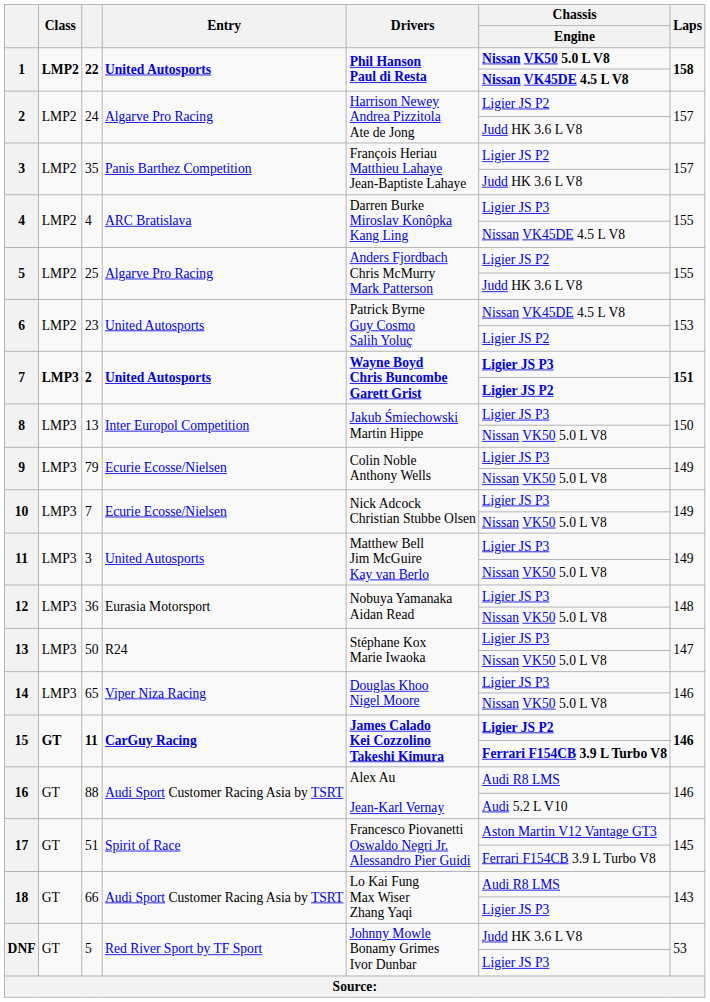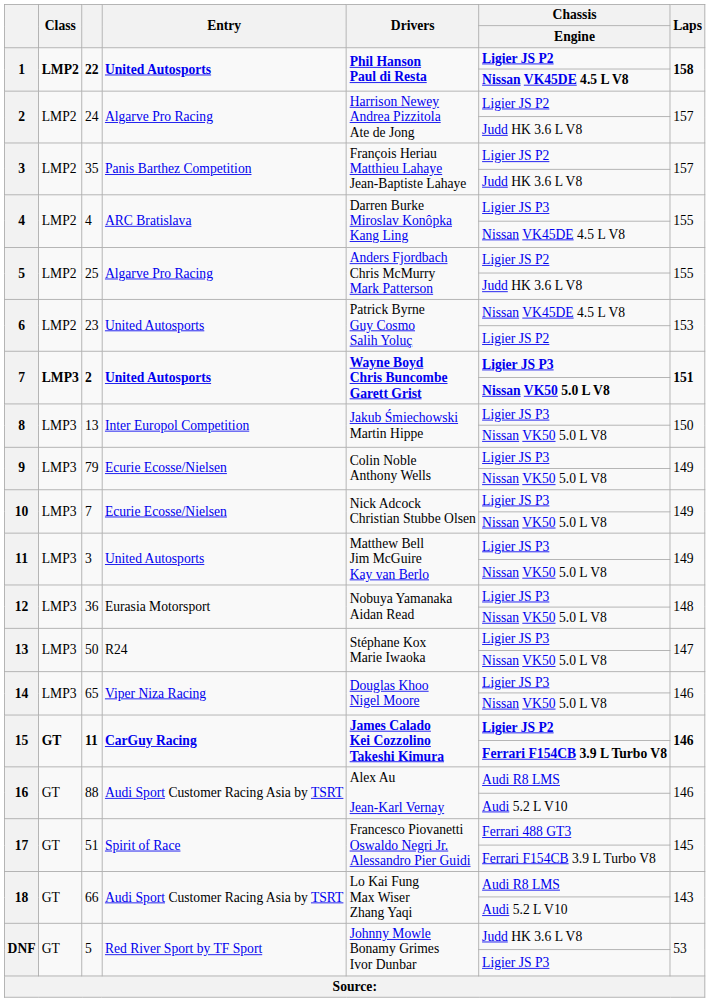 <table class="wikitable">
 <tr>
 <th rowspan="2"></th>
 <th rowspan="2">Class</th>
 <th rowspan="2"></th>
 <th rowspan="2">Entry</th>
 <th rowspan="2">Drivers</th>
 <th>Chassis</th>
 <th rowspan="2">Laps</th>
 </tr>
 <tr>
 <th>Engine</th>
 </tr>
 <tr>
 <th rowspan="2">1</th>
 <td rowspan="2"><strong>LMP2</strong></td>
 <td rowspan="2"><strong>22</strong></td>
 <td rowspan="2"><strong> <a href='#'>United Autosports</a></strong></td>
 <td rowspan="2"><strong> <a href='#'>Phil Hanson</a><br> <a href='#'>Paul di Resta</a></strong></td>
-<td><strong><a href='#'>Nissan</a> <a href='#'>VK50</a> 5.0 L V8</strong></td>
+<td><strong><a href='#'>Ligier JS P2</a></strong></td>
 <td rowspan="2"><strong>158</strong></td>
 </tr>
 <tr>
 <td><strong><a href='#'>Nissan</a> <a href='#'>VK45DE</a> 4.5 L V8</strong></td>
 </tr>
 <tr>
 <th rowspan="2">2</th>
 <td rowspan="2">LMP2</td>
 <td rowspan="2">24</td>
 <td rowspan="2"> <a href='#'>Algarve Pro Racing</a></td>
 <td rowspan="2"> <a href='#'>Harrison Newey</a><br> <a href='#'>Andrea Pizzitola</a><br> Ate de Jong</td>
 <td><a href='#'>Ligier JS P2</a></td>
 <td rowspan="2">157</td>
 </tr>
 <tr>
 <td><a href='#'>Judd</a> HK 3.6 L V8</td>
 </tr>
 <tr>
 <th rowspan="2">3</th>
 <td rowspan="2">LMP2</td>
 <td rowspan="2">35</td>
 <td rowspan="2"> <a href='#'>Panis Barthez Competition</a></td>
 <td rowspan="2"> François Heriau<br> <a href='#'>Matthieu Lahaye</a><br> Jean-Baptiste Lahaye</td>
 <td><a href='#'>Ligier JS P2</a></td>
 <td rowspan="2">157</td>
 </tr>
 <tr>
 <td><a href='#'>Judd</a> HK 3.6 L V8</td>
 </tr>
 <tr>
 <th rowspan="2">4</th>
 <td rowspan="2">LMP2</td>
 <td rowspan="2">4</td>
 <td rowspan="2"> <a href='#'>ARC Bratislava</a></td>
 <td rowspan="2"> Darren Burke<br> <a href='#'>Miroslav Konôpka</a><br> <a href='#'>Kang Ling</a></td>
 <td><a href='#'>Ligier JS P3</a></td>
 <td rowspan="2">155</td>
 </tr>
 <tr>
 <td><a href='#'>Nissan</a> <a href='#'>VK45DE</a> 4.5 L V8</td>
 </tr>
 <tr>
 <th rowspan="2">5</th>
 <td rowspan="2">LMP2</td>
 <td rowspan="2">25</td>
 <td rowspan="2"> <a href='#'>Algarve Pro Racing</a></td>
 <td rowspan="2"> <a href='#'>Anders Fjordbach</a><br> Chris McMurry<br> <a href='#'>Mark Patterson</a></td>
 <td><a href='#'>Ligier JS P2</a></td>
 <td rowspan="2">155</td>
 </tr>
 <tr>
 <td><a href='#'>Judd</a> HK 3.6 L V8</td>
 </tr>
 <tr>
 <th rowspan="2">6</th>
 <td rowspan="2">LMP2</td>
 <td rowspan="2">23</td>
 <td rowspan="2"> <a href='#'>United Autosports</a></td>
 <td rowspan="2"> Patrick Byrne<br> <a href='#'>Guy Cosmo</a><br> <a href='#'>Salih Yoluç</a></td>
 <td><a href='#'>Nissan</a> <a href='#'>VK45DE</a> 4.5 L V8</td>
 <td rowspan="2">153</td>
 </tr>
 <tr>
 <td><a href='#'>Ligier JS P2</a></td>
 </tr>
 <tr>
 <th rowspan="2">7</th>
 <td rowspan="2"><strong>LMP3</strong></td>
 <td rowspan="2"><strong>2</strong></td>
 <td rowspan="2"><strong> <a href='#'>United Autosports</a></strong></td>
 <td rowspan="2"><strong> <a href='#'>Wayne Boyd</a><br> <a href='#'>Chris Buncombe</a><br> <a href='#'>Garett Grist</a></strong></td>
 <td><strong><a href='#'>Ligier JS P3</a></strong></td>
 <td rowspan="2"><strong>151</strong></td>
 </tr>
 <tr>
-<td><strong><a href='#'>Ligier JS P2</a></strong></td>
+<td><strong><a href='#'>Nissan</a> <a href='#'>VK50</a> 5.0 L V8</strong></td>
 </tr>
 <tr>
 <th rowspan="2">8</th>
 <td rowspan="2">LMP3</td>
 <td rowspan="2">13</td>
 <td rowspan="2"> <a href='#'>Inter Europol Competition</a></td>
 <td rowspan="2"> <a href='#'>Jakub Śmiechowski</a><br> Martin Hippe</td>
 <td><a href='#'>Ligier JS P3</a></td>
 <td rowspan="2">150</td>
 </tr>
 <tr>
 <td><a href='#'>Nissan</a> <a href='#'>VK50</a> 5.0 L V8</td>
 </tr>
 <tr>
 <th rowspan="2">9</th>
 <td rowspan="2">LMP3</td>
 <td rowspan="2">79</td>
 <td rowspan="2"> <a href='#'>Ecurie Ecosse/Nielsen</a></td>
 <td rowspan="2"> Colin Noble<br> Anthony Wells</td>
 <td><a href='#'>Ligier JS P3</a></td>
 <td rowspan="2">149</td>
 </tr>
 <tr>
 <td><a href='#'>Nissan</a> <a href='#'>VK50</a> 5.0 L V8</td>
 </tr>
 <tr>
 <th rowspan="2">10</th>
 <td rowspan="2">LMP3</td>
 <td rowspan="2">7</td>
 <td rowspan="2"> <a href='#'>Ecurie Ecosse/Nielsen</a></td>
 <td rowspan="2"> Nick Adcock<br> Christian Stubbe Olsen</td>
 <td><a href='#'>Ligier JS P3</a></td>
 <td rowspan="2">149</td>
 </tr>
 <tr>
 <td><a href='#'>Nissan</a> <a href='#'>VK50</a> 5.0 L V8</td>
 </tr>
 <tr>
 <th rowspan="2">11</th>
 <td rowspan="2">LMP3</td>
 <td rowspan="2">3</td>
 <td rowspan="2"> <a href='#'>United Autosports</a></td>
 <td rowspan="2"> Matthew Bell<br> Jim McGuire<br> <a href='#'>Kay van Berlo</a></td>
 <td><a href='#'>Ligier JS P3</a></td>
 <td rowspan="2">149</td>
 </tr>
 <tr>
 <td><a href='#'>Nissan</a> <a href='#'>VK50</a> 5.0 L V8</td>
 </tr>
 <tr>
 <th rowspan="2">12</th>
 <td rowspan="2">LMP3</td>
 <td rowspan="2">36</td>
 <td rowspan="2"> Eurasia Motorsport</td>
 <td rowspan="2"> Nobuya Yamanaka<br> Aidan Read</td>
 <td><a href='#'>Ligier JS P3</a></td>
 <td rowspan="2">148</td>
 </tr>
 <tr>
 <td><a href='#'>Nissan</a> <a href='#'>VK50</a> 5.0 L V8</td>
 </tr>
 <tr>
 <th rowspan="2">13</th>
 <td rowspan="2">LMP3</td>
 <td rowspan="2">50</td>
 <td rowspan="2"> R24</td>
 <td rowspan="2"> Stéphane Kox<br> Marie Iwaoka</td>
 <td><a href='#'>Ligier JS P3</a></td>
 <td rowspan="2">147</td>
 </tr>
 <tr>
 <td><a href='#'>Nissan</a> <a href='#'>VK50</a> 5.0 L V8</td>
 </tr>
 <tr>
 <th rowspan="2">14</th>
 <td rowspan="2">LMP3</td>
 <td rowspan="2">65</td>
 <td rowspan="2"> <a href='#'>Viper Niza Racing</a></td>
 <td rowspan="2"> <a href='#'>Douglas Khoo</a><br> <a href='#'>Nigel Moore</a></td>
 <td><a href='#'>Ligier JS P3</a></td>
 <td rowspan="2">146</td>
 </tr>
 <tr>
 <td><a href='#'>Nissan</a> <a href='#'>VK50</a> 5.0 L V8</td>
 </tr>
 <tr>
 <th rowspan="2">15</th>
 <td rowspan="2"><strong>GT</strong></td>
 <td rowspan="2"><strong>11</strong></td>
 <td rowspan="2"><strong> <a href='#'>CarGuy Racing</a></strong></td>
 <td rowspan="2"><strong> <a href='#'>James Calado</a><br> <a href='#'>Kei Cozzolino</a><br> <a href='#'>Takeshi Kimura</a></strong></td>
 <td><strong><a href='#'>Ligier JS P2</a></strong></td>
 <td rowspan="2"><strong>146</strong></td>
 </tr>
 <tr>
 <td><strong><a href='#'>Ferrari F154CB</a> 3.9 L Turbo V8</strong></td>
 </tr>
 <tr>
 <th rowspan="2">16</th>
 <td rowspan="2">GT</td>
 <td rowspan="2">88</td>
 <td rowspan="2"> <a href='#'>Audi Sport</a> Customer Racing Asia by <a href='#'>TSRT</a></td>
 <td rowspan="2"> Alex Au<br> <br> <a href='#'>Jean-Karl Vernay</a></td>
 <td><a href='#'>Audi R8 LMS</a></td>
 <td rowspan="2">146</td>
 </tr>
 <tr>
 <td><a href='#'>Audi</a> 5.2 L V10</td>
 </tr>
 <tr>
 <th rowspan="2">17</th>
 <td rowspan="2">GT</td>
 <td rowspan="2">51</td>
 <td rowspan="2"> <a href='#'>Spirit of Race</a></td>
 <td rowspan="2"> Francesco Piovanetti<br> <a href='#'>Oswaldo Negri Jr.</a><br> <a href='#'>Alessandro Pier Guidi</a></td>
-<td><a href='#'>Aston Martin V12 Vantage GT3</a></td>
+<td><a href='#'>Ferrari 488 GT3</a></td>
 <td rowspan="2">145</td>
 </tr>
 <tr>
 <td><a href='#'>Ferrari F154CB</a> 3.9 L Turbo V8</td>
 </tr>
 <tr>
 <th rowspan="2">18</th>
 <td rowspan="2">GT</td>
 <td rowspan="2">66</td>
 <td rowspan="2"> <a href='#'>Audi Sport</a> Customer Racing Asia by <a href='#'>TSRT</a></td>
 <td rowspan="2"> Lo Kai Fung<br> Max Wiser<br> Zhang Yaqi</td>
 <td><a href='#'>Audi R8 LMS</a></td>
 <td rowspan="2">143</td>
 </tr>
 <tr>
-<td><a href='#'>Ligier JS P3</a></td>
+<td><a href='#'>Audi</a> 5.2 L V10</td>
 </tr>
 <tr>
 <th rowspan="2">DNF</th>
 <td rowspan="2">GT</td>
 <td rowspan="2">5</td>
 <td rowspan="2"> <a href='#'>Red River Sport by TF Sport</a></td>
 <td rowspan="2"> <a href='#'>Johnny Mowle</a><br> Bonamy Grimes<br> Ivor Dunbar</td>
 <td><a href='#'>Judd</a> HK 3.6 L V8</td>
 <td rowspan="2">53</td>
 </tr>
 <tr>
 <td><a href='#'>Ligier JS P3</a></td>
 </tr>
 <tr>
 <th colspan="7">Source:</th>
 </tr>
 </table>
